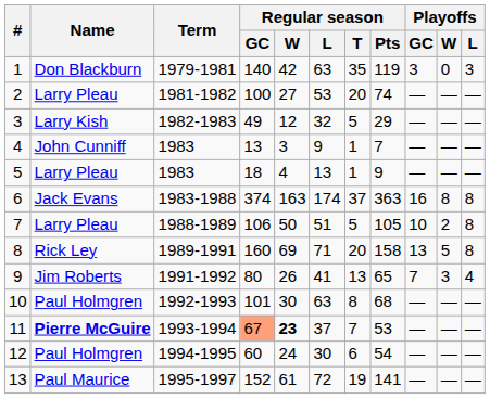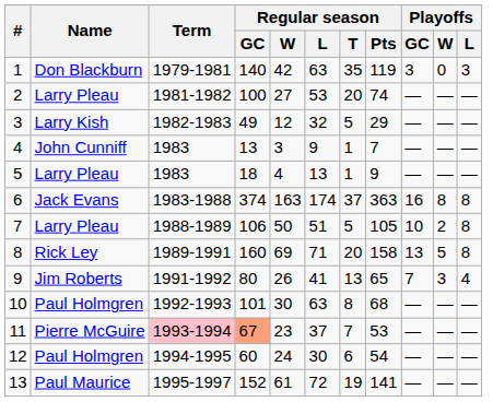 <table class="wikitable">
 <tr>
 <th rowspan="2">#</th>
 <th rowspan="2">Name</th>
 <th rowspan="2">Term</th>
 <th colspan="5">Regular season</th>
 <th colspan="3">Playoffs</th>
 </tr>
 <tr>
 <th>GC</th>
 <th>W</th>
 <th>L</th>
 <th>T</th>
 <th>Pts</th>
 <th>GC</th>
 <th>W</th>
 <th>L</th>
 </tr>
 <tr>
 <td align=center>1</td>
 <td><a href='#'>Don Blackburn</a></td>
 <td>1979-1981</td>
 <td>140</td>
 <td>42</td>
 <td>63</td>
 <td>35</td>
 <td>119</td>
 <td>3</td>
 <td>0</td>
 <td>3</td>
 </tr>
 <tr>
 <td align=center>2</td>
 <td><a href='#'>Larry Pleau</a></td>
 <td>1981-1982</td>
 <td>100</td>
 <td>27</td>
 <td>53</td>
 <td>20</td>
 <td>74</td>
 <td>—</td>
 <td>—</td>
 <td>—</td>
 </tr>
 <tr>
 <td align=center>3</td>
 <td><a href='#'>Larry Kish</a></td>
 <td>1982-1983</td>
 <td>49</td>
 <td>12</td>
 <td>32</td>
 <td>5</td>
 <td>29</td>
 <td>—</td>
 <td>—</td>
 <td>—</td>
 </tr>
 <tr>
 <td align=center>4</td>
 <td><a href='#'>John Cunniff</a></td>
 <td>1983</td>
 <td>13</td>
 <td>3</td>
 <td>9</td>
 <td>1</td>
 <td>7</td>
 <td>—</td>
 <td>—</td>
 <td>—</td>
 </tr>
 <tr>
 <td align=center>5</td>
 <td><a href='#'>Larry Pleau</a></td>
 <td>1983</td>
 <td>18</td>
 <td>4</td>
 <td>13</td>
 <td>1</td>
 <td>9</td>
 <td>—</td>
 <td>—</td>
 <td>—</td>
 </tr>
 <tr>
 <td align=center>6</td>
 <td><a href='#'>Jack Evans</a></td>
 <td>1983-1988</td>
 <td>374</td>
 <td>163</td>
 <td>174</td>
 <td>37</td>
 <td>363</td>
 <td>16</td>
 <td>8</td>
 <td>8</td>
 </tr>
 <tr>
 <td align=center>7</td>
 <td><a href='#'>Larry Pleau</a></td>
 <td>1988-1989</td>
 <td>106</td>
 <td>50</td>
 <td>51</td>
 <td>5</td>
 <td>105</td>
 <td>10</td>
 <td>2</td>
 <td>8</td>
 </tr>
 <tr>
 <td align=center>8</td>
 <td><a href='#'>Rick Ley</a></td>
 <td>1989-1991</td>
 <td>160</td>
 <td>69</td>
 <td>71</td>
 <td>20</td>
 <td>158</td>
 <td>13</td>
 <td>5</td>
 <td>8</td>
 </tr>
 <tr>
 <td align=center>9</td>
 <td><a href='#'>Jim Roberts</a></td>
 <td>1991-1992</td>
 <td>80</td>
 <td>26</td>
 <td>41</td>
 <td>13</td>
 <td>65</td>
 <td>7</td>
 <td>3</td>
 <td>4</td>
 </tr>
 <tr>
 <td align=center>10</td>
 <td><a href='#'>Paul Holmgren</a></td>
 <td>1992-1993</td>
 <td>101</td>
 <td>30</td>
 <td>63</td>
 <td>8</td>
 <td>68</td>
 <td>—</td>
 <td>—</td>
 <td>—</td>
 </tr>
 <tr>
 <td align=center>11</td>
-<td><strong><a href='#'>Pierre McGuire</a></strong></td>
-<td>1993-1994</td>
+<td><a href='#'>Pierre McGuire</a></td>
+<td style="background: pink;">1993-1994</td>
 <td style="background: lightsalmon;">67</td>
-<td><strong>23</strong></td>
+<td>23</td>
 <td>37</td>
 <td>7</td>
 <td>53</td>
 <td>—</td>
 <td>—</td>
 <td>—</td>
 </tr>
 <tr>
 <td align=center>12</td>
 <td><a href='#'>Paul Holmgren</a></td>
 <td>1994-1995</td>
 <td>60</td>
 <td>24</td>
 <td>30</td>
 <td>6</td>
 <td>54</td>
 <td>—</td>
 <td>—</td>
 <td>—</td>
 </tr>
 <tr>
 <td align=center>13</td>
 <td><a href='#'>Paul Maurice</a></td>
 <td>1995-1997</td>
 <td>152</td>
 <td>61</td>
 <td>72</td>
 <td>19</td>
 <td>141</td>
 <td>—</td>
 <td>—</td>
 <td>—</td>
 </tr>
 </table>
